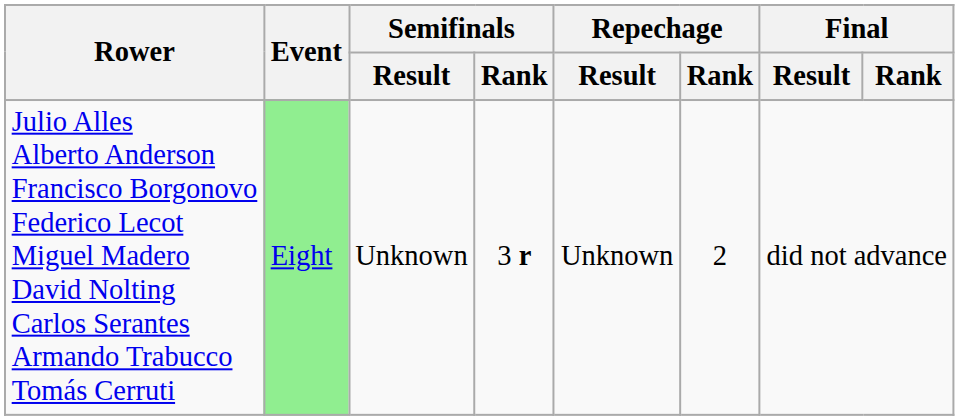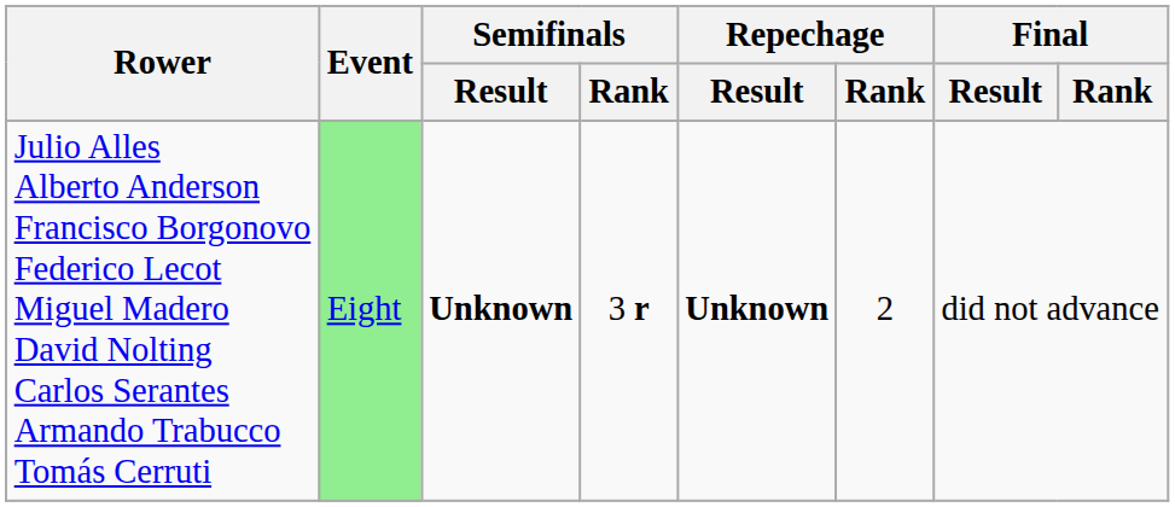 <table class=wikitable style="font-size:90%">
 <tr>
 <th rowspan=2>Rower</th>
 <th rowspan=2>Event</th>
 <th colspan=2>Semifinals</th>
 <th colspan=2>Repechage</th>
 <th colspan=2>Final</th>
 </tr>
 <tr>
 <th>Result</th>
 <th>Rank</th>
 <th>Result</th>
 <th>Rank</th>
 <th>Result</th>
 <th>Rank</th>
 </tr>
 <tr>
 <td><a href='#'>Julio Alles</a> <br> <a href='#'>Alberto Anderson</a> <br> <a href='#'>Francisco Borgonovo</a> <br> <a href='#'>Federico Lecot</a> <br> <a href='#'>Miguel Madero</a> <br> <a href='#'>David Nolting</a> <br> <a href='#'>Carlos Serantes</a> <br> <a href='#'>Armando Trabucco</a> <br> <a href='#'>Tomás Cerruti</a></td>
 <td style="background: lightgreen;"><a href='#'>Eight</a></td>
-<td align=center>Unknown</td>
+<td align=center><strong>Unknown</strong></td>
 <td align=center>3 <strong>r</strong></td>
-<td align=center>Unknown</td>
+<td align=center><strong>Unknown</strong></td>
 <td align=center>2</td>
 <td align=center colspan=2>did not advance</td>
 </tr>
 </table>
